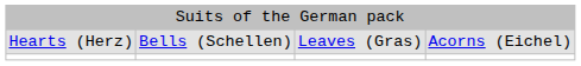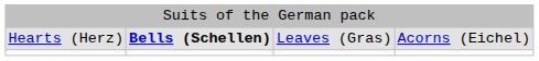 <table cellpadding="2" style="background:#c0c0c0; margin-left:1em; border-spacing:1px;">
 <tr align="center">
 <td colspan="4">Suits of the German pack</td>
 </tr>
 <tr align="center">
 <td style="background: #e3e3e3;"><a href='#'>Hearts</a> (Herz)</td>
-<td style="background: #e3e3e3;"><a href='#'>Bells</a> (Schellen)</td>
+<td style="background: #e3e3e3;"><strong><a href='#'>Bells</a> (Schellen)</strong></td>
 <td style="background: #e3e3e3;"><a href='#'>Leaves</a> (Gras)</td>
 <td style="background: #e3e3e3;"><a href='#'>Acorns</a> (Eichel)</td>
 </tr>
 <tr align="center">
 <td style="background: #ffffff;"></td>
 <td style="background: #ffffff;"></td>
 <td style="background: #ffffff;"></td>
 <td style="background: #ffffff;"></td>
 </tr>
 </table>
